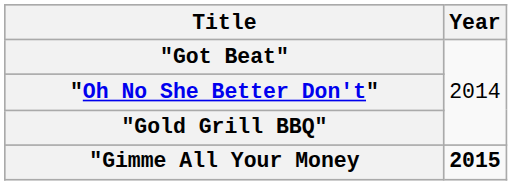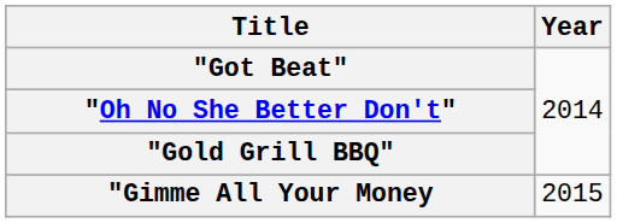 <table class="wikitable plainrowheaders" style="text-align:left;">
 <tr>
 <th scope="col" style="width:20em;">Title</th>
 <th scope="col">Year</th>
 </tr>
 <tr>
 <th scope="row">"Got Beat"<br></th>
 <td rowspan="3">2014</td>
 </tr>
 <tr>
 <th scope="row">"<a href='#'>Oh No She Better Don't</a>"<br></th>
 </tr>
 <tr>
 <th scope="row">"Gold Grill BBQ"<br></th>
 </tr>
 <tr>
 <th scope="row">"Gimme All Your Money<br></th>
-<td><strong>2015</strong></td>
+<td>2015</td>
 </tr>
 </table>
